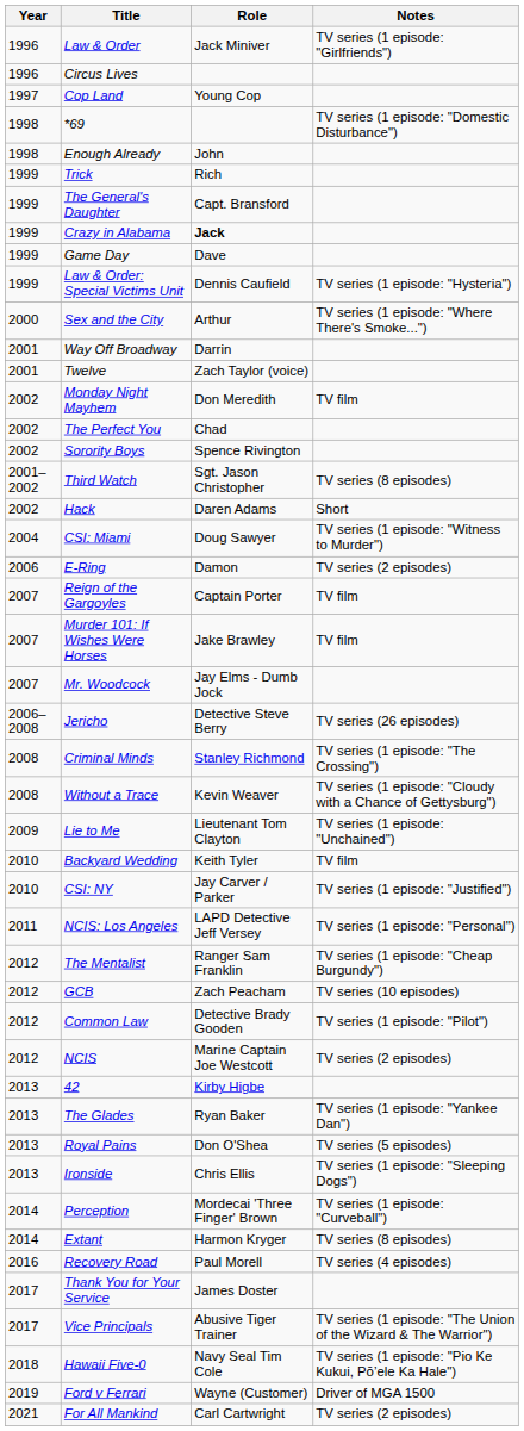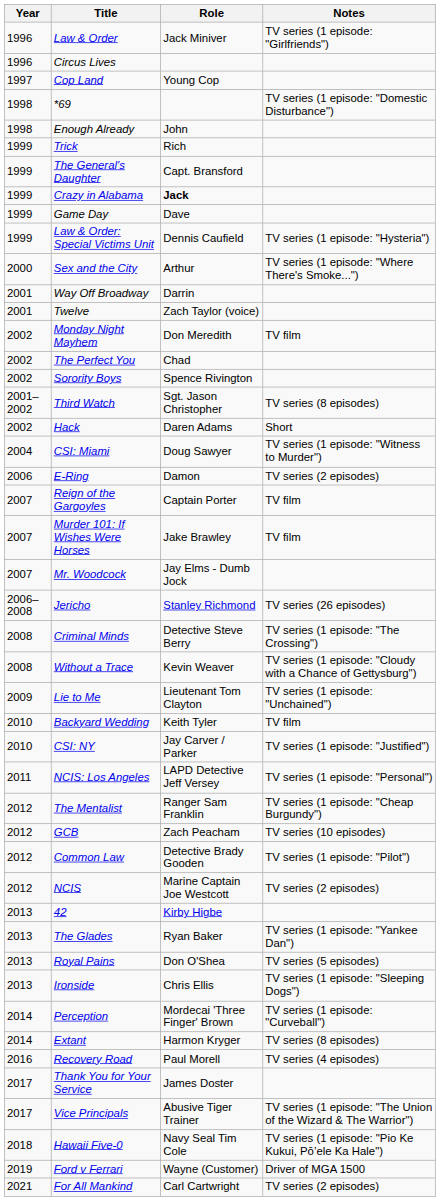 <table class="wikitable sortable">
 <tr>
 <th>Year</th>
 <th>Title</th>
 <th>Role</th>
 <th class="unsortable">Notes</th>
 </tr>
 <tr>
 <td>1996</td>
 <td><em><a href='#'>Law & Order</a></em></td>
 <td>Jack Miniver</td>
 <td>TV series (1 episode: "Girlfriends")</td>
 </tr>
 <tr>
 <td>1996</td>
 <td><em>Circus Lives</em></td>
 <td></td>
 <td></td>
 </tr>
 <tr>
 <td>1997</td>
 <td><em><a href='#'>Cop Land</a></em></td>
 <td>Young Cop</td>
 <td></td>
 </tr>
 <tr>
 <td>1998</td>
 <td><em>*69</em></td>
 <td></td>
 <td>TV series (1 episode: "Domestic Disturbance")</td>
 </tr>
 <tr>
 <td>1998</td>
 <td><em>Enough Already</em></td>
 <td>John</td>
 <td></td>
 </tr>
 <tr>
 <td>1999</td>
 <td><em><a href='#'>Trick</a></em></td>
 <td>Rich</td>
 <td></td>
 </tr>
 <tr>
 <td>1999</td>
 <td><em><a href='#'>The General's Daughter</a></em></td>
 <td>Capt. Bransford</td>
 <td></td>
 </tr>
 <tr>
 <td>1999</td>
 <td><em><a href='#'>Crazy in Alabama</a></em></td>
 <td><strong>Jack</strong></td>
 <td></td>
 </tr>
 <tr>
 <td>1999</td>
 <td><em>Game Day</em></td>
 <td>Dave</td>
 <td></td>
 </tr>
 <tr>
 <td>1999</td>
 <td><em><a href='#'>Law & Order: Special Victims Unit</a></em></td>
 <td>Dennis Caufield</td>
 <td>TV series (1 episode: "Hysteria")</td>
 </tr>
 <tr>
 <td>2000</td>
 <td><em><a href='#'>Sex and the City</a></em></td>
 <td>Arthur</td>
 <td>TV series (1 episode: "Where There's Smoke...")</td>
 </tr>
 <tr>
 <td>2001</td>
 <td><em>Way Off Broadway</em></td>
 <td>Darrin</td>
 <td></td>
 </tr>
 <tr>
 <td>2001</td>
 <td><em>Twelve</em></td>
 <td>Zach Taylor (voice)</td>
 <td></td>
 </tr>
 <tr>
 <td>2002</td>
 <td><em><a href='#'>Monday Night Mayhem</a></em></td>
 <td>Don Meredith</td>
 <td>TV film</td>
 </tr>
 <tr>
 <td>2002</td>
 <td><em><a href='#'>The Perfect You</a></em></td>
 <td>Chad</td>
 <td></td>
 </tr>
 <tr>
 <td>2002</td>
 <td><em><a href='#'>Sorority Boys</a></em></td>
 <td>Spence Rivington</td>
 <td></td>
 </tr>
 <tr>
 <td>2001–2002</td>
 <td><em><a href='#'>Third Watch</a></em></td>
 <td>Sgt. Jason Christopher</td>
 <td>TV series (8 episodes)</td>
 </tr>
 <tr>
 <td>2002</td>
 <td><em><a href='#'>Hack</a></em></td>
 <td>Daren Adams</td>
 <td>Short</td>
 </tr>
 <tr>
 <td>2004</td>
 <td><em><a href='#'>CSI: Miami</a></em></td>
 <td>Doug Sawyer</td>
 <td>TV series (1 episode: "Witness to Murder")</td>
 </tr>
 <tr>
 <td>2006</td>
 <td><em><a href='#'>E-Ring</a></em></td>
 <td>Damon</td>
 <td>TV series (2 episodes)</td>
 </tr>
 <tr>
 <td>2007</td>
 <td><em><a href='#'>Reign of the Gargoyles</a></em></td>
 <td>Captain Porter</td>
 <td>TV film</td>
 </tr>
 <tr>
 <td>2007</td>
 <td><em><a href='#'>Murder 101: If Wishes Were Horses</a></em></td>
 <td>Jake Brawley</td>
 <td>TV film</td>
 </tr>
 <tr>
 <td>2007</td>
 <td><em><a href='#'>Mr. Woodcock</a></em></td>
 <td>Jay Elms - Dumb Jock</td>
 <td></td>
 </tr>
 <tr>
 <td>2006–2008</td>
 <td><em><a href='#'>Jericho</a></em></td>
-<td>Detective Steve Berry</td>
+<td><a href='#'>Stanley Richmond</a></td>
 <td>TV series (26 episodes)</td>
 </tr>
 <tr>
 <td>2008</td>
 <td><em><a href='#'>Criminal Minds</a></em></td>
-<td><a href='#'>Stanley Richmond</a></td>
+<td>Detective Steve Berry</td>
 <td>TV series (1 episode: "The Crossing")</td>
 </tr>
 <tr>
 <td>2008</td>
 <td><em><a href='#'>Without a Trace</a></em></td>
 <td>Kevin Weaver</td>
 <td>TV series (1 episode: "Cloudy with a Chance of Gettysburg")</td>
 </tr>
 <tr>
 <td>2009</td>
 <td><em><a href='#'>Lie to Me</a></em></td>
 <td>Lieutenant Tom Clayton</td>
 <td>TV series (1 episode: "Unchained")</td>
 </tr>
 <tr>
 <td>2010</td>
 <td><em><a href='#'>Backyard Wedding</a></em></td>
 <td>Keith Tyler</td>
 <td>TV film</td>
 </tr>
 <tr>
 <td>2010</td>
 <td><em><a href='#'>CSI: NY</a></em></td>
 <td>Jay Carver / Parker</td>
 <td>TV series (1 episode: "Justified")</td>
 </tr>
 <tr>
 <td>2011</td>
 <td><em><a href='#'>NCIS: Los Angeles</a></em></td>
 <td>LAPD Detective Jeff Versey</td>
 <td>TV series (1 episode: "Personal")</td>
 </tr>
 <tr>
 <td>2012</td>
 <td><em><a href='#'>The Mentalist</a></em></td>
 <td>Ranger Sam Franklin</td>
 <td>TV series (1 episode: "Cheap Burgundy")</td>
 </tr>
 <tr>
 <td>2012</td>
 <td><em><a href='#'>GCB</a></em></td>
 <td>Zach Peacham</td>
 <td>TV series (10 episodes)</td>
 </tr>
 <tr>
 <td>2012</td>
 <td><em><a href='#'>Common Law</a></em></td>
 <td>Detective Brady Gooden</td>
 <td>TV series (1 episode: "Pilot")</td>
 </tr>
 <tr>
 <td>2012</td>
 <td><em><a href='#'>NCIS</a></em></td>
 <td>Marine Captain Joe Westcott</td>
 <td>TV series (2 episodes)</td>
 </tr>
 <tr>
 <td>2013</td>
 <td><em><a href='#'>42</a></em></td>
 <td><a href='#'>Kirby Higbe</a></td>
 <td></td>
 </tr>
 <tr>
 <td>2013</td>
 <td><em><a href='#'>The Glades</a></em></td>
 <td>Ryan Baker</td>
 <td>TV series (1 episode: "Yankee Dan")</td>
 </tr>
 <tr>
 <td>2013</td>
 <td><em><a href='#'>Royal Pains</a></em></td>
 <td>Don O'Shea</td>
 <td>TV series (5 episodes)</td>
 </tr>
 <tr>
 <td>2013</td>
 <td><em><a href='#'>Ironside</a></em></td>
 <td>Chris Ellis</td>
 <td>TV series (1 episode: "Sleeping Dogs")</td>
 </tr>
 <tr>
 <td>2014</td>
 <td><em><a href='#'>Perception</a></em></td>
 <td>Mordecai 'Three Finger' Brown</td>
 <td>TV series (1 episode: "Curveball")</td>
 </tr>
 <tr>
 <td>2014</td>
 <td><em><a href='#'>Extant</a></em></td>
 <td>Harmon Kryger</td>
 <td>TV series (8 episodes)</td>
 </tr>
 <tr>
 <td>2016</td>
 <td><em><a href='#'> Recovery Road</a></em></td>
 <td>Paul Morell</td>
 <td>TV series (4 episodes)</td>
 </tr>
 <tr>
 <td>2017</td>
 <td><em><a href='#'>Thank You for Your Service</a></em></td>
 <td>James Doster</td>
 <td></td>
 </tr>
 <tr>
 <td>2017</td>
 <td><em><a href='#'>Vice Principals</a></em></td>
 <td>Abusive Tiger Trainer</td>
 <td>TV series  (1 episode: "The Union of the Wizard & The Warrior")</td>
 </tr>
 <tr>
 <td>2018</td>
 <td><em><a href='#'>Hawaii Five-0</a></em></td>
 <td>Navy Seal Tim Cole</td>
 <td>TV series (1 episode: "Pio Ke Kukui, Pō’ele Ka Hale")</td>
 </tr>
 <tr>
 <td>2019</td>
 <td><em><a href='#'>Ford v Ferrari</a></em></td>
 <td>Wayne (Customer)</td>
 <td>Driver of MGA 1500</td>
 </tr>
 <tr>
 <td>2021</td>
 <td><em><a href='#'>For All Mankind</a></em></td>
 <td>Carl Cartwright</td>
 <td>TV series (2 episodes)</td>
 </tr>
 </table>
